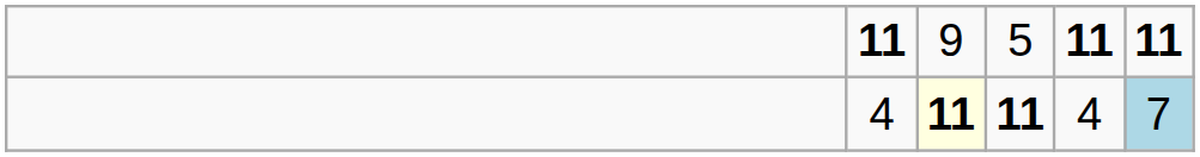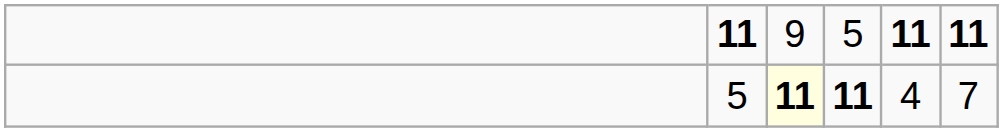 <table class="wikitable">
 <tr>
 <td style="width:18em"></td>
 <td align=center style="width:1em"><strong>11</strong></td>
 <td align=center style="width:1em">9</td>
 <td align=center style="width:1em">5</td>
 <td align=center style="width:1em"><strong>11</strong></td>
 <td align=center style="width:1em"><strong>11</strong></td>
 </tr>
 <tr>
 <td style="width:18em"></td>
-<td align=center style="width:1em">4</td>
+<td align=center style="width:1em">5</td>
 <td align=center style="background: lightyellow; width:1em"><strong>11</strong></td>
 <td align=center style="width:1em"><strong>11</strong></td>
 <td align=center style="width:1em">4</td>
-<td align=center style="background: lightblue; width:1em">7</td>
+<td align=center style="width:1em">7</td>
 </tr>
 </table>
